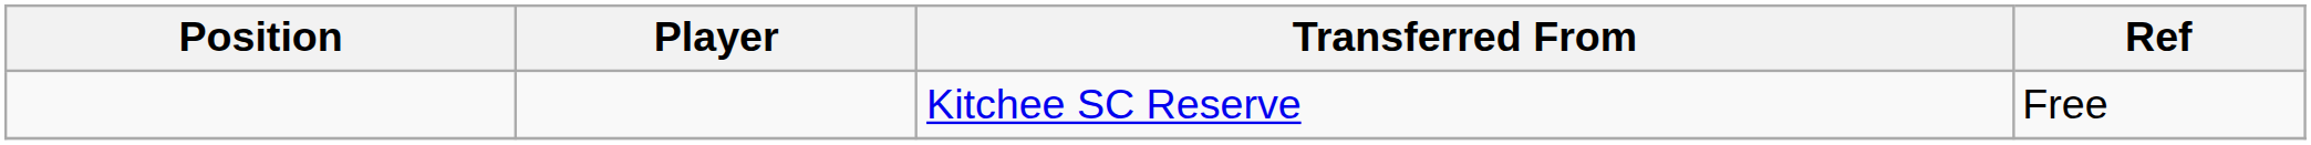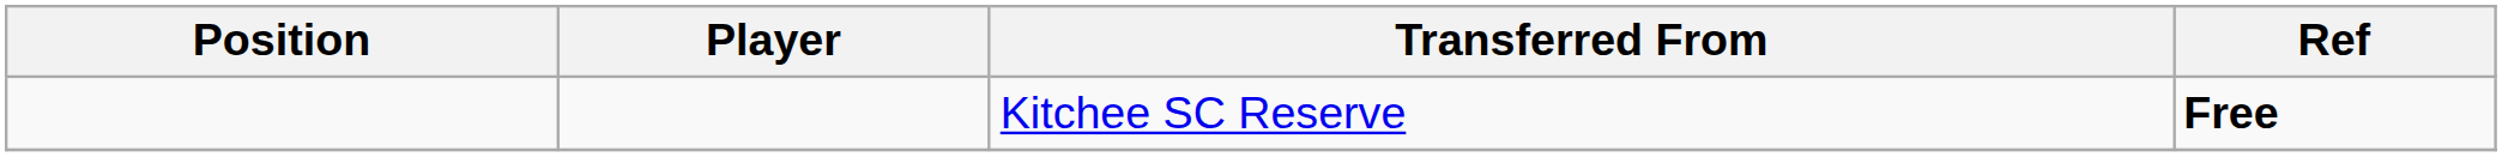 <table class="wikitable sortable" style="width:70%; text-align:center; font-size:100%; text-align:left;">
 <tr>
 <th><strong>Position</strong></th>
 <th><strong>Player</strong></th>
 <th><strong>Transferred From</strong></th>
 <th><strong>Ref</strong></th>
 </tr>
 <tr>
 <td></td>
 <td></td>
 <td> <a href='#'>Kitchee SC Reserve</a></td>
-<td>Free </td>
+<td><strong>Free </strong></td>
 </tr>
 <tr>
 </tr>
 </table>
